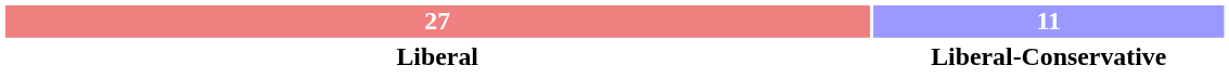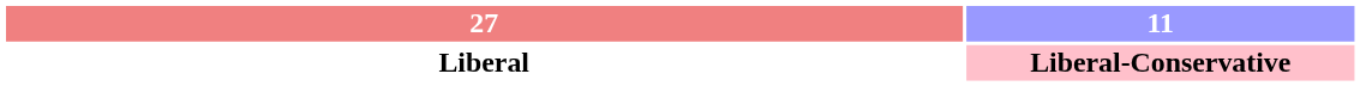 <table style="width:60%; text-align:center;">
 <tr style="color:white;">
 <td style="background:#F08080; width:71.05%;"><strong>27</strong></td>
 <td style="background:#9999FF; width:28.95%;"><strong>11</strong></td>
 </tr>
 <tr>
 <td><span><strong>Liberal</strong></span></td>
-<td><span><strong>Liberal-Conservative</strong></span></td>
+<td style="background: pink;"><span><strong>Liberal-Conservative</strong></span></td>
 </tr>
 </table>
